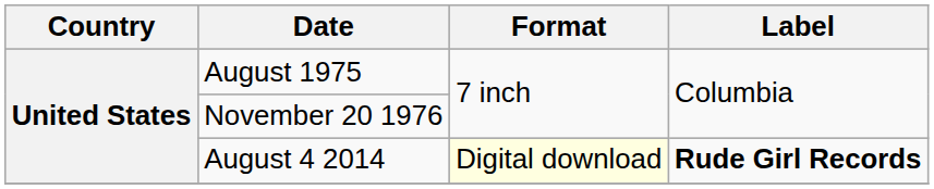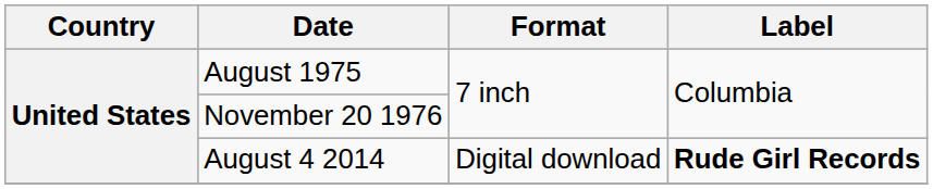 <table class="wikitable plainrowheaders">
 <tr>
 <th scope="col">Country</th>
 <th scope="col">Date</th>
 <th scope="col">Format</th>
 <th scope="col">Label</th>
 </tr>
 <tr>
 <th scope="row" rowspan="3">United States</th>
 <td>August 1975</td>
 <td rowspan="2">7 inch</td>
 <td rowspan="2">Columbia</td>
 </tr>
 <tr>
 <td>November 20 1976</td>
 </tr>
 <tr>
 <td>August 4 2014</td>
-<td style="background: lightyellow;">Digital download</td>
+<td>Digital download</td>
 <td><strong>Rude Girl Records</strong></td>
 </tr>
 <tr>
 </tr>
 </table>
